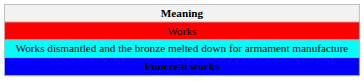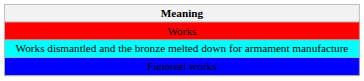 <table class="wikitable" border=1 align="center" style="text-align:center">
 <tr>
 <th width="500">Meaning</th>
 </tr>
 <tr>
 <td bgcolor="red"><span>Works</span></td>
 </tr>
 <tr>
 <td bgcolor="cyan"><span>Works dismantled and the bronze melted down for armament manufacture</span></td>
 </tr>
 <tr>
-<td bgcolor="blue"><strong><span> Funereal works</span></strong></td>
+<td bgcolor="blue"><span> Funereal works</span></td>
 </tr>
 <tr>
 </tr>
 </table>
